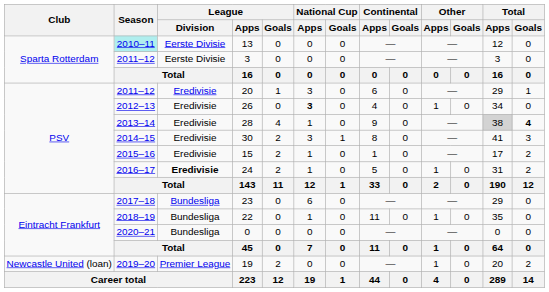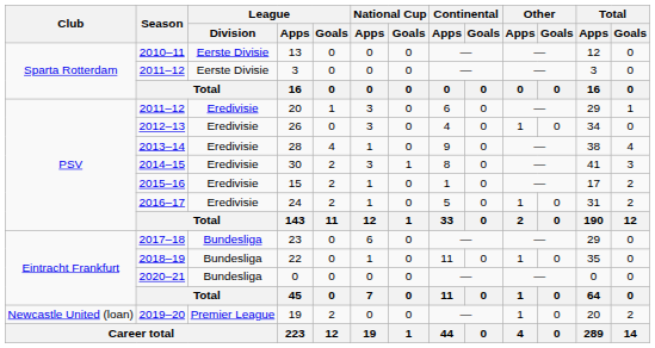 <table class="wikitable" style="text-align:center">
 <tr>
 <th rowspan="2">Club</th>
 <th rowspan="2">Season</th>
 <th colspan="3">League</th>
 <th colspan="2">National Cup</th>
 <th colspan="2">Continental</th>
 <th colspan="2">Other</th>
 <th colspan="2">Total</th>
 </tr>
 <tr>
 <th>Division</th>
 <th>Apps</th>
 <th>Goals</th>
 <th>Apps</th>
 <th>Goals</th>
 <th>Apps</th>
 <th>Goals</th>
 <th>Apps</th>
 <th>Goals</th>
 <th>Apps</th>
 <th>Goals</th>
 </tr>
 <tr>
 <td rowspan="3"><a href='#'>Sparta Rotterdam</a></td>
-<td style="background: paleturquoise;"><a href='#'>2010–11</a></td>
+<td><a href='#'>2010–11</a></td>
 <td><a href='#'>Eerste Divisie</a></td>
 <td>13</td>
 <td>0</td>
 <td>0</td>
 <td>0</td>
 <td colspan="2">—</td>
 <td colspan="2">—</td>
 <td>12</td>
 <td>0</td>
 </tr>
 <tr>
 <td><a href='#'>2011–12</a></td>
 <td>Eerste Divisie</td>
 <td>3</td>
 <td>0</td>
 <td>0</td>
 <td>0</td>
 <td colspan="2">—</td>
 <td colspan="2">—</td>
 <td>3</td>
 <td>0</td>
 </tr>
 <tr>
 <th colspan="2">Total</th>
 <th>16</th>
 <th>0</th>
 <th>0</th>
 <th>0</th>
 <th>0</th>
 <th>0</th>
 <th>0</th>
 <th>0</th>
 <th>16</th>
 <th>0</th>
 </tr>
 <tr>
 <td rowspan="7"><a href='#'>PSV</a></td>
 <td><a href='#'>2011–12</a></td>
 <td><a href='#'>Eredivisie</a></td>
 <td>20</td>
 <td>1</td>
 <td>3</td>
 <td>0</td>
 <td>6</td>
 <td>0</td>
 <td colspan="2">—</td>
 <td>29</td>
 <td>1</td>
 </tr>
 <tr>
 <td><a href='#'>2012–13</a></td>
 <td>Eredivisie</td>
 <td>26</td>
 <td>0</td>
-<td><strong>3</strong></td>
+<td>3</td>
 <td>0</td>
 <td>4</td>
 <td>0</td>
 <td>1</td>
 <td>0</td>
 <td>34</td>
 <td>0</td>
 </tr>
 <tr>
 <td><a href='#'>2013–14</a></td>
 <td>Eredivisie</td>
 <td>28</td>
 <td>4</td>
 <td>1</td>
 <td>0</td>
 <td>9</td>
 <td>0</td>
 <td colspan="2">—</td>
-<td style="background: lightgrey;">38</td>
-<td><strong>4</strong></td>
+<td>38</td>
+<td>4</td>
 </tr>
 <tr>
 <td><a href='#'>2014–15</a></td>
 <td>Eredivisie</td>
 <td>30</td>
 <td>2</td>
 <td>3</td>
 <td>1</td>
 <td>8</td>
 <td>0</td>
 <td colspan="2">—</td>
 <td>41</td>
 <td>3</td>
 </tr>
 <tr>
 <td><a href='#'>2015–16</a></td>
 <td>Eredivisie</td>
 <td>15</td>
 <td>2</td>
 <td>1</td>
 <td>0</td>
 <td>1</td>
 <td>0</td>
 <td colspan="2">—</td>
 <td>17</td>
 <td>2</td>
 </tr>
 <tr>
 <td><a href='#'>2016–17</a></td>
-<td><strong>Eredivisie</strong></td>
+<td>Eredivisie</td>
 <td>24</td>
 <td>2</td>
 <td>1</td>
 <td>0</td>
 <td>5</td>
 <td>0</td>
 <td>1</td>
 <td>0</td>
 <td>31</td>
 <td>2</td>
 </tr>
 <tr>
 <th colspan="2">Total</th>
 <th>143</th>
 <th>11</th>
 <th>12</th>
 <th>1</th>
 <th>33</th>
 <th>0</th>
 <th>2</th>
 <th>0</th>
 <th>190</th>
 <th>12</th>
 </tr>
 <tr>
 <td rowspan="4"><a href='#'>Eintracht Frankfurt</a></td>
 <td><a href='#'>2017–18</a></td>
 <td><a href='#'>Bundesliga</a></td>
 <td>23</td>
 <td>0</td>
 <td>6</td>
 <td>0</td>
 <td colspan="2">—</td>
 <td colspan="2">—</td>
 <td>29</td>
 <td>0</td>
 </tr>
 <tr>
 <td><a href='#'>2018–19</a></td>
 <td>Bundesliga</td>
 <td>22</td>
 <td>0</td>
 <td>1</td>
 <td>0</td>
 <td>11</td>
 <td>0</td>
 <td>1</td>
 <td>0</td>
 <td>35</td>
 <td>0</td>
 </tr>
 <tr>
 <td><a href='#'>2020–21</a></td>
 <td>Bundesliga</td>
 <td>0</td>
 <td>0</td>
 <td>0</td>
 <td>0</td>
 <td colspan="2">—</td>
 <td colspan="2">—</td>
 <td>0</td>
 <td>0</td>
 </tr>
 <tr>
 <th colspan="2">Total</th>
 <th>45</th>
 <th>0</th>
 <th>7</th>
 <th>0</th>
 <th>11</th>
 <th>0</th>
 <th>1</th>
 <th>0</th>
 <th>64</th>
 <th>0</th>
 </tr>
 <tr>
 <td><a href='#'>Newcastle United</a> (loan)</td>
 <td><a href='#'>2019–20</a></td>
 <td><a href='#'>Premier League</a></td>
 <td>19</td>
 <td>2</td>
 <td>0</td>
 <td>0</td>
 <td colspan="2">—</td>
 <td>1</td>
 <td>0</td>
 <td>20</td>
 <td>2</td>
 </tr>
 <tr>
 <th colspan="3">Career total</th>
 <th>223</th>
 <th>12</th>
 <th>19</th>
 <th>1</th>
 <th>44</th>
 <th>0</th>
 <th>4</th>
 <th>0</th>
 <th>289</th>
 <th>14</th>
 </tr>
 </table>
